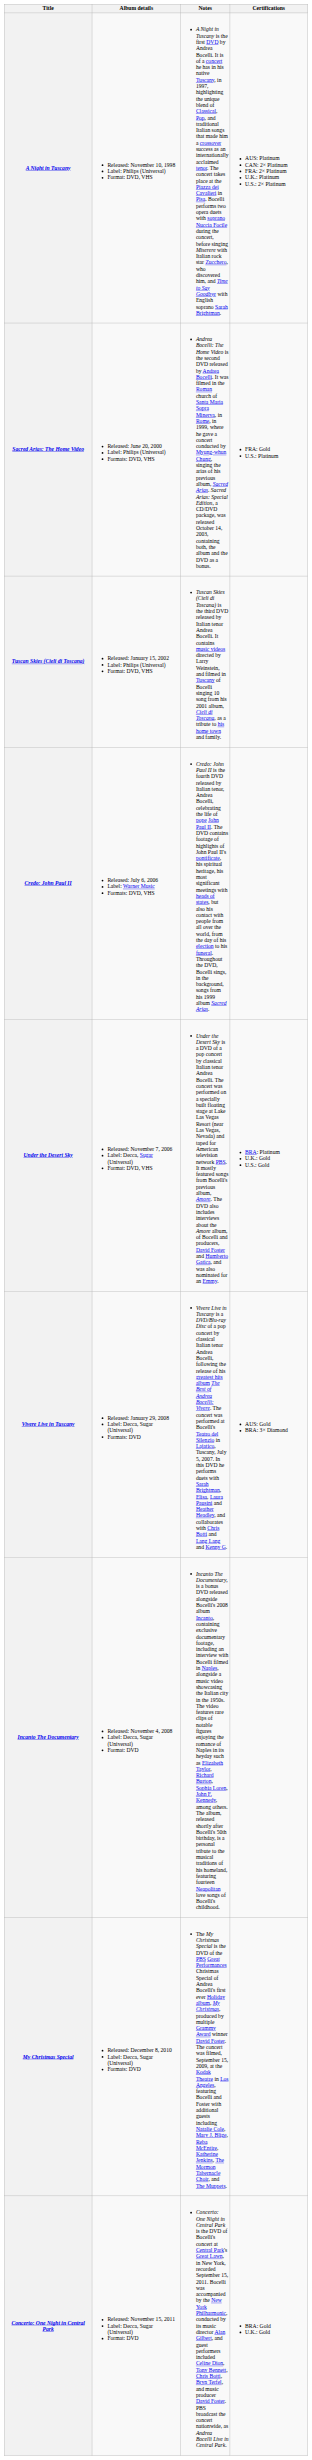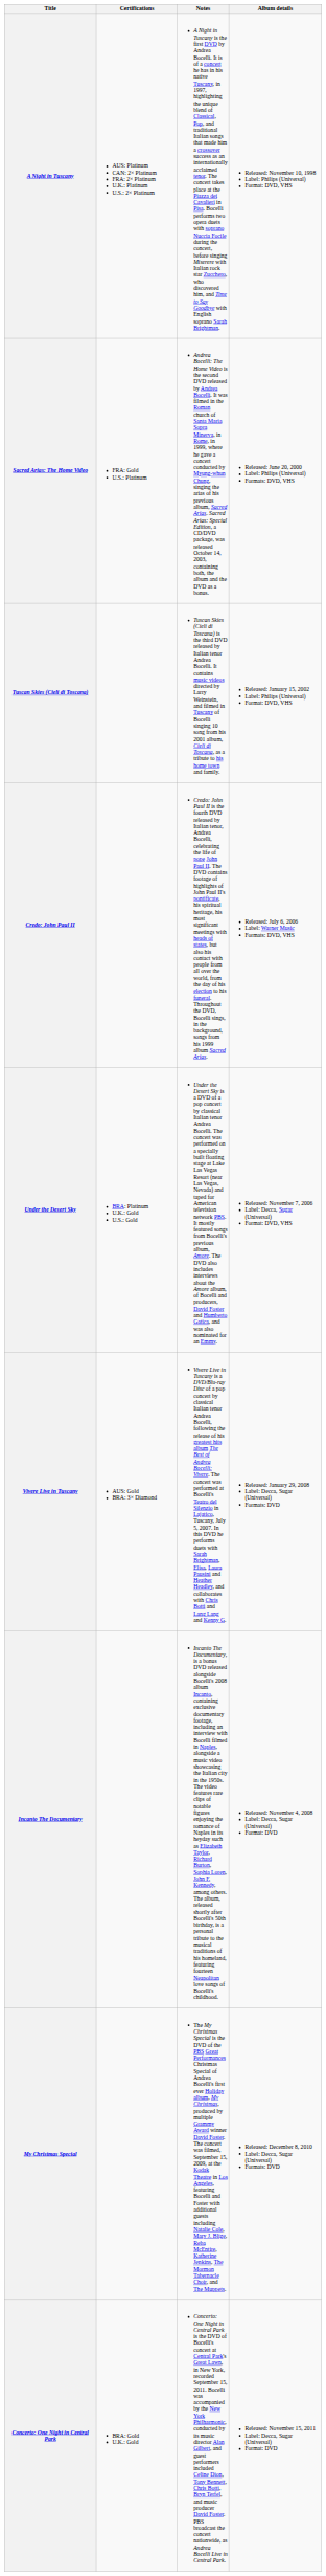 <table class="wikitable plainrowheaders">
 <tr>
 <th scope="col" style="width:16em;">Title</th>
+<th scope="col" style="width:14em;">Certifications</th>
+<th scope="col">Notes</th>
 <th scope="col" style="width:16em;">Album details</th>
-<th scope="col">Notes</th>
-<th scope="col" style="width:14em;">Certifications</th>
 </tr>
 <tr>
 <th scope="row"><em><a href='#'>A Night in Tuscany</a></em></th>
+<td><br><ul><li>AUS: Platinum</li><li>CAN: 2× Platinum</li><li>FRA: 2× Platinum</li><li>U.K.: Platinum</li><li>U.S.: 2× Platinum</li></ul></td>
+<td><br><ul><li><em>A Night in Tuscany</em> is the first <a href='#'>DVD</a> by Andrea Bocelli. It is of a <a href='#'>concert</a> he has in his native <a href='#'>Tuscany</a>, in 1997, highlighting the unique blend of <a href='#'>Classical</a>, <a href='#'>Pop</a>, and traditional Italian songs that made him a <a href='#'>crossover</a> success as an internationally acclaimed <a href='#'>tenor</a>. The concert takes place at the <a href='#'>Piazza dei Cavalieri</a> in <a href='#'>Pisa</a>. Bocelli performs two opera duets with <a href='#'>soprano</a> <a href='#'>Nuccia Focile</a> during the concert, before singing <em>Miserere</em> with Italian rock star <a href='#'>Zucchero</a>, who discovered him, and <em><a href='#'>Time to Say Goodbye</a></em> with English soprano <a href='#'>Sarah Brightman</a>.</li></ul></td>
 <td><br><ul><li>Released: November 10, 1998</li><li>Label: Philips (Universal)</li><li>Format: DVD, VHS</li></ul></td>
-<td><br><ul><li><em>A Night in Tuscany</em> is the first <a href='#'>DVD</a> by Andrea Bocelli. It is of a <a href='#'>concert</a> he has in his native <a href='#'>Tuscany</a>, in 1997, highlighting the unique blend of <a href='#'>Classical</a>, <a href='#'>Pop</a>, and traditional Italian songs that made him a <a href='#'>crossover</a> success as an internationally acclaimed <a href='#'>tenor</a>. The concert takes place at the <a href='#'>Piazza dei Cavalieri</a> in <a href='#'>Pisa</a>. Bocelli performs two opera duets with <a href='#'>soprano</a> <a href='#'>Nuccia Focile</a> during the concert, before singing <em>Miserere</em> with Italian rock star <a href='#'>Zucchero</a>, who discovered him, and <em><a href='#'>Time to Say Goodbye</a></em> with English soprano <a href='#'>Sarah Brightman</a>.</li></ul></td>
-<td><br><ul><li>AUS: Platinum</li><li>CAN: 2× Platinum</li><li>FRA: 2× Platinum</li><li>U.K.: Platinum</li><li>U.S.: 2× Platinum</li></ul></td>
 </tr>
 <tr>
 <th scope="row"><em><a href='#'>Sacred Arias: The Home Video</a></em></th>
+<td><br><ul><li>FRA: Gold</li><li>U.S.: Platinum</li></ul></td>
+<td><br><ul><li><em>Andrea Bocelli: The Home Video</em> is the second DVD released by <a href='#'>Andrea Bocelli</a>. It was filmed in the <a href='#'>Roman</a> church of <a href='#'>Santa Maria Sopra Minerva</a>, in <a href='#'>Rome</a>, in 1999, where he gave a concert conducted by <a href='#'>Myung-whun Chung</a>, singing the arias of his previous album, <em><a href='#'>Sacred Arias</a></em>. <em>Sacred Arias: Special Edition</em>, a CD/DVD package, was released October 14, 2003, containing both, the album and the DVD as a bonus.</li></ul></td>
 <td><br><ul><li>Released: June 20, 2000</li><li>Label: Philips (Universal)</li><li>Formats: DVD, VHS</li></ul></td>
-<td><br><ul><li><em>Andrea Bocelli: The Home Video</em> is the second DVD released by <a href='#'>Andrea Bocelli</a>. It was filmed in the <a href='#'>Roman</a> church of <a href='#'>Santa Maria Sopra Minerva</a>, in <a href='#'>Rome</a>, in 1999, where he gave a concert conducted by <a href='#'>Myung-whun Chung</a>, singing the arias of his previous album, <em><a href='#'>Sacred Arias</a></em>. <em>Sacred Arias: Special Edition</em>, a CD/DVD package, was released October 14, 2003, containing both, the album and the DVD as a bonus.</li></ul></td>
-<td><br><ul><li>FRA: Gold</li><li>U.S.: Platinum</li></ul></td>
 </tr>
 <tr>
 <th scope="row"><em><a href='#'>Tuscan Skies (Cieli di Toscana)</a></em></th>
+<td></td>
+<td><br><ul><li><em>Tuscan Skies (Cieli di Toscana)</em> is the third DVD released by Italian tenor Andrea Bocelli. It contains <a href='#'>music videos</a> directed by Larry Weinstein, and filmed in <a href='#'>Tuscany</a> of Bocelli singing 10 song from his 2001 album, <em><a href='#'>Cieli di Toscana</a></em>, as a tribute to <a href='#'>his home town</a> and family.</li></ul></td>
 <td><br><ul><li>Released: January 15, 2002</li><li>Label: Philips (Universal)</li><li>Format: DVD, VHS</li></ul></td>
-<td><br><ul><li><em>Tuscan Skies (Cieli di Toscana)</em> is the third DVD released by Italian tenor Andrea Bocelli. It contains <a href='#'>music videos</a> directed by Larry Weinstein, and filmed in <a href='#'>Tuscany</a> of Bocelli singing 10 song from his 2001 album, <em><a href='#'>Cieli di Toscana</a></em>, as a tribute to <a href='#'>his home town</a> and family.</li></ul></td>
-<td></td>
 </tr>
 <tr>
 <th scope="row"><em><a href='#'>Credo: John Paul II</a></em></th>
+<td></td>
+<td><br><ul><li><em>Credo: John Paul II</em> is the fourth DVD released by Italian tenor, Andrea Bocelli, celebrating the life of <a href='#'>pope</a> <a href='#'>John Paul II</a>. The DVD contains footage of highlights of John Paul II's <a href='#'>pontificate</a>, his spiritual heritage, his most significant meetings with <a href='#'>heads of states</a>, but also his contact with people from all over the world, from the day of his <a href='#'>election</a> to his <a href='#'>funeral</a>. Throughout the DVD, Bocelli sings, in the background, songs from his 1999 album <em><a href='#'>Sacred Arias</a></em>.</li></ul></td>
 <td><br><ul><li>Released: July 6, 2006</li><li>Label: <a href='#'>Warner Music</a></li><li>Formats: DVD, VHS</li></ul></td>
-<td><br><ul><li><em>Credo: John Paul II</em> is the fourth DVD released by Italian tenor, Andrea Bocelli, celebrating the life of <a href='#'>pope</a> <a href='#'>John Paul II</a>. The DVD contains footage of highlights of John Paul II's <a href='#'>pontificate</a>, his spiritual heritage, his most significant meetings with <a href='#'>heads of states</a>, but also his contact with people from all over the world, from the day of his <a href='#'>election</a> to his <a href='#'>funeral</a>. Throughout the DVD, Bocelli sings, in the background, songs from his 1999 album <em><a href='#'>Sacred Arias</a></em>.</li></ul></td>
-<td></td>
 </tr>
 <tr>
 <th scope="row"><em><a href='#'>Under the Desert Sky</a></em></th>
+<td><br><ul><li><a href='#'>BRA</a>: Platinum</li><li>U.K.: Gold</li><li>U.S.: Gold</li></ul></td>
+<td><br><ul><li><em>Under the Desert Sky</em> is a DVD of a pop concert by classical Italian tenor Andrea Bocelli. The concert was performed on a specially built floating stage at Lake Las Vegas Resort (near Las Vegas, Nevada) and taped for American television network <a href='#'>PBS</a>. It mostly featured songs from Bocelli's previous album, <em><a href='#'>Amore</a></em>. The DVD also includes interviews about the <em>Amore</em> album, of Bocelli and producers, <a href='#'>David Foster</a> and <a href='#'>Humberto Gatica</a>, and was also nominated for an <a href='#'>Emmy</a>.</li></ul></td>
 <td><br><ul><li>Released: November 7, 2006</li><li>Label: Decca, <a href='#'>Sugar</a> (Universal)</li><li>Format: DVD, VHS</li></ul></td>
-<td><br><ul><li><em>Under the Desert Sky</em> is a DVD of a pop concert by classical Italian tenor Andrea Bocelli. The concert was performed on a specially built floating stage at Lake Las Vegas Resort (near Las Vegas, Nevada) and taped for American television network <a href='#'>PBS</a>. It mostly featured songs from Bocelli's previous album, <em><a href='#'>Amore</a></em>. The DVD also includes interviews about the <em>Amore</em> album, of Bocelli and producers, <a href='#'>David Foster</a> and <a href='#'>Humberto Gatica</a>, and was also nominated for an <a href='#'>Emmy</a>.</li></ul></td>
-<td><br><ul><li><a href='#'>BRA</a>: Platinum</li><li>U.K.: Gold</li><li>U.S.: Gold</li></ul></td>
 </tr>
 <tr>
 <th scope="row"><em><a href='#'>Vivere Live in Tuscany</a></em></th>
+<td><br><ul><li>AUS: Gold</li><li>BRA: 3× Diamond</li></ul></td>
+<td><br><ul><li><em>Vivere Live in Tuscany</em> is a <em>DVD/Blu-ray Disc</em> of a pop concert by classical Italian tenor Andrea Bocelli, following the release of his <a href='#'>greatest hits album</a> <em><a href='#'>The Best of Andrea Bocelli: Vivere</a></em>. The concert was performed at Bocelli's <a href='#'>Teatro del Silenzio</a> in <a href='#'>Lajatico</a>, Tuscany, July 5, 2007. In this DVD he performs duets with <a href='#'>Sarah Brightman</a>, <a href='#'>Elisa</a>, <a href='#'>Laura Pausini</a> and <a href='#'>Heather Headley</a>, and collaborates with <a href='#'>Chris Botti</a> and <a href='#'>Lang Lang</a> and <a href='#'>Kenny G</a>.</li></ul></td>
 <td><br><ul><li>Released: January 29, 2008</li><li>Label: Decca, Sugar (Universal)</li><li>Formats: DVD</li></ul></td>
-<td><br><ul><li><em>Vivere Live in Tuscany</em> is a <em>DVD/Blu-ray Disc</em> of a pop concert by classical Italian tenor Andrea Bocelli, following the release of his <a href='#'>greatest hits album</a> <em><a href='#'>The Best of Andrea Bocelli: Vivere</a></em>. The concert was performed at Bocelli's <a href='#'>Teatro del Silenzio</a> in <a href='#'>Lajatico</a>, Tuscany, July 5, 2007. In this DVD he performs duets with <a href='#'>Sarah Brightman</a>, <a href='#'>Elisa</a>, <a href='#'>Laura Pausini</a> and <a href='#'>Heather Headley</a>, and collaborates with <a href='#'>Chris Botti</a> and <a href='#'>Lang Lang</a> and <a href='#'>Kenny G</a>.</li></ul></td>
-<td><br><ul><li>AUS: Gold</li><li>BRA: 3× Diamond</li></ul></td>
 </tr>
 <tr>
 <th scope="row"><em><a href='#'> Incanto The Documentary</a></em></th>
+<td></td>
+<td><br><ul><li><em>Incanto The Documentary</em>, is a bonus DVD released alongside Bocelli's 2008 album <a href='#'>Incanto</a>, containing exclusive documentary footage, including an interview with Bocelli filmed in <a href='#'>Naples</a>, alongside a music video showcasing the Italian city in the 1950s. The video features rare clips of notable figures enjoying the romance of Naples in its heyday such as <a href='#'>Elizabeth Taylor</a>, <a href='#'>Richard Burton</a>, <a href='#'>Sophia Loren</a>, <a href='#'>John F. Kennedy</a>, among others. The album, released shortly after Bocelli's 50th birthday, is a personal tribute to the musical traditions of his homeland, featuring fourteen <a href='#'>Neapolitan</a> love songs of Bocelli's childhood.</li></ul></td>
 <td><br><ul><li>Released: November 4, 2008</li><li>Label: Decca, Sugar (Universal)</li><li>Format: DVD</li></ul></td>
-<td><br><ul><li><em>Incanto The Documentary</em>, is a bonus DVD released alongside Bocelli's 2008 album <a href='#'>Incanto</a>, containing exclusive documentary footage, including an interview with Bocelli filmed in <a href='#'>Naples</a>, alongside a music video showcasing the Italian city in the 1950s. The video features rare clips of notable figures enjoying the romance of Naples in its heyday such as <a href='#'>Elizabeth Taylor</a>, <a href='#'>Richard Burton</a>, <a href='#'>Sophia Loren</a>, <a href='#'>John F. Kennedy</a>, among others. The album, released shortly after Bocelli's 50th birthday, is a personal tribute to the musical traditions of his homeland, featuring fourteen <a href='#'>Neapolitan</a> love songs of Bocelli's childhood.</li></ul></td>
-<td></td>
 </tr>
 <tr>
 <th scope="row"><em><a href='#'>My Christmas Special</a></em></th>
+<td></td>
+<td><br><ul><li>The <em>My Christmas Special</em> is the DVD of the <a href='#'>PBS</a> <a href='#'>Great Performances</a> Christmas Special of Andrea Bocelli's first ever <a href='#'>Holiday album</a>, <em><a href='#'>My Christmas</a></em>, produced by multiple <a href='#'>Grammy Award</a> winner <a href='#'>David Foster</a>. The concert was filmed, September 15, 2009, at the <a href='#'>Kodak Theatre</a> in <a href='#'>Los Angeles</a>, featuring Bocelli and Foster with additional guests including <a href='#'>Natalie Cole</a>, <a href='#'>Mary J. Blige</a>, <a href='#'>Reba McEntire</a>, <a href='#'>Katherine Jenkins</a>, <a href='#'>The Mormon Tabernacle Choir</a>, and <a href='#'>The Muppets</a>.</li></ul></td>
 <td><br><ul><li>Released: December 8, 2010</li><li>Label: Decca, Sugar (Universal)</li><li>Formats: DVD</li></ul></td>
-<td><br><ul><li>The <em>My Christmas Special</em> is the DVD of the <a href='#'>PBS</a> <a href='#'>Great Performances</a> Christmas Special of Andrea Bocelli's first ever <a href='#'>Holiday album</a>, <em><a href='#'>My Christmas</a></em>, produced by multiple <a href='#'>Grammy Award</a> winner <a href='#'>David Foster</a>. The concert was filmed, September 15, 2009, at the <a href='#'>Kodak Theatre</a> in <a href='#'>Los Angeles</a>, featuring Bocelli and Foster with additional guests including <a href='#'>Natalie Cole</a>, <a href='#'>Mary J. Blige</a>, <a href='#'>Reba McEntire</a>, <a href='#'>Katherine Jenkins</a>, <a href='#'>The Mormon Tabernacle Choir</a>, and <a href='#'>The Muppets</a>.</li></ul></td>
-<td></td>
 </tr>
 <tr>
 <th scope="row"><em><a href='#'>Concerto: One Night in Central Park</a></em></th>
+<td><br><ul><li>BRA: Gold</li><li>U.K.: Gold</li></ul></td>
+<td><br><ul><li><em>Concerto: One Night in Central Park</em> is the DVD of Bocelli's concert at <a href='#'>Central Park</a>'s <a href='#'>Great Lawn</a>, in New York, recorded September 15, 2011. Bocelli was accompanied by the <a href='#'>New York Philharmonic</a>, conducted by its music director <a href='#'>Alan Gilbert</a>, and guest performers included <a href='#'>Celine Dion</a>, <a href='#'>Tony Bennett</a>, <a href='#'>Chris Botti</a>, <a href='#'>Bryn Terfel</a>, and music producer <a href='#'>David Foster</a>. PBS broadcast the concert nationwide, as <em>Andrea Bocelli Live in Central Park</em>.</li></ul></td>
 <td><br><ul><li>Released: November 15, 2011</li><li>Label: Decca, Sugar (Universal)</li><li>Format: DVD</li></ul></td>
-<td><br><ul><li><em>Concerto: One Night in Central Park</em> is the DVD of Bocelli's concert at <a href='#'>Central Park</a>'s <a href='#'>Great Lawn</a>, in New York, recorded September 15, 2011. Bocelli was accompanied by the <a href='#'>New York Philharmonic</a>, conducted by its music director <a href='#'>Alan Gilbert</a>, and guest performers included <a href='#'>Celine Dion</a>, <a href='#'>Tony Bennett</a>, <a href='#'>Chris Botti</a>, <a href='#'>Bryn Terfel</a>, and music producer <a href='#'>David Foster</a>. PBS broadcast the concert nationwide, as <em>Andrea Bocelli Live in Central Park</em>.</li></ul></td>
-<td><br><ul><li>BRA: Gold</li><li>U.K.: Gold</li></ul></td>
 </tr>
 </table>
